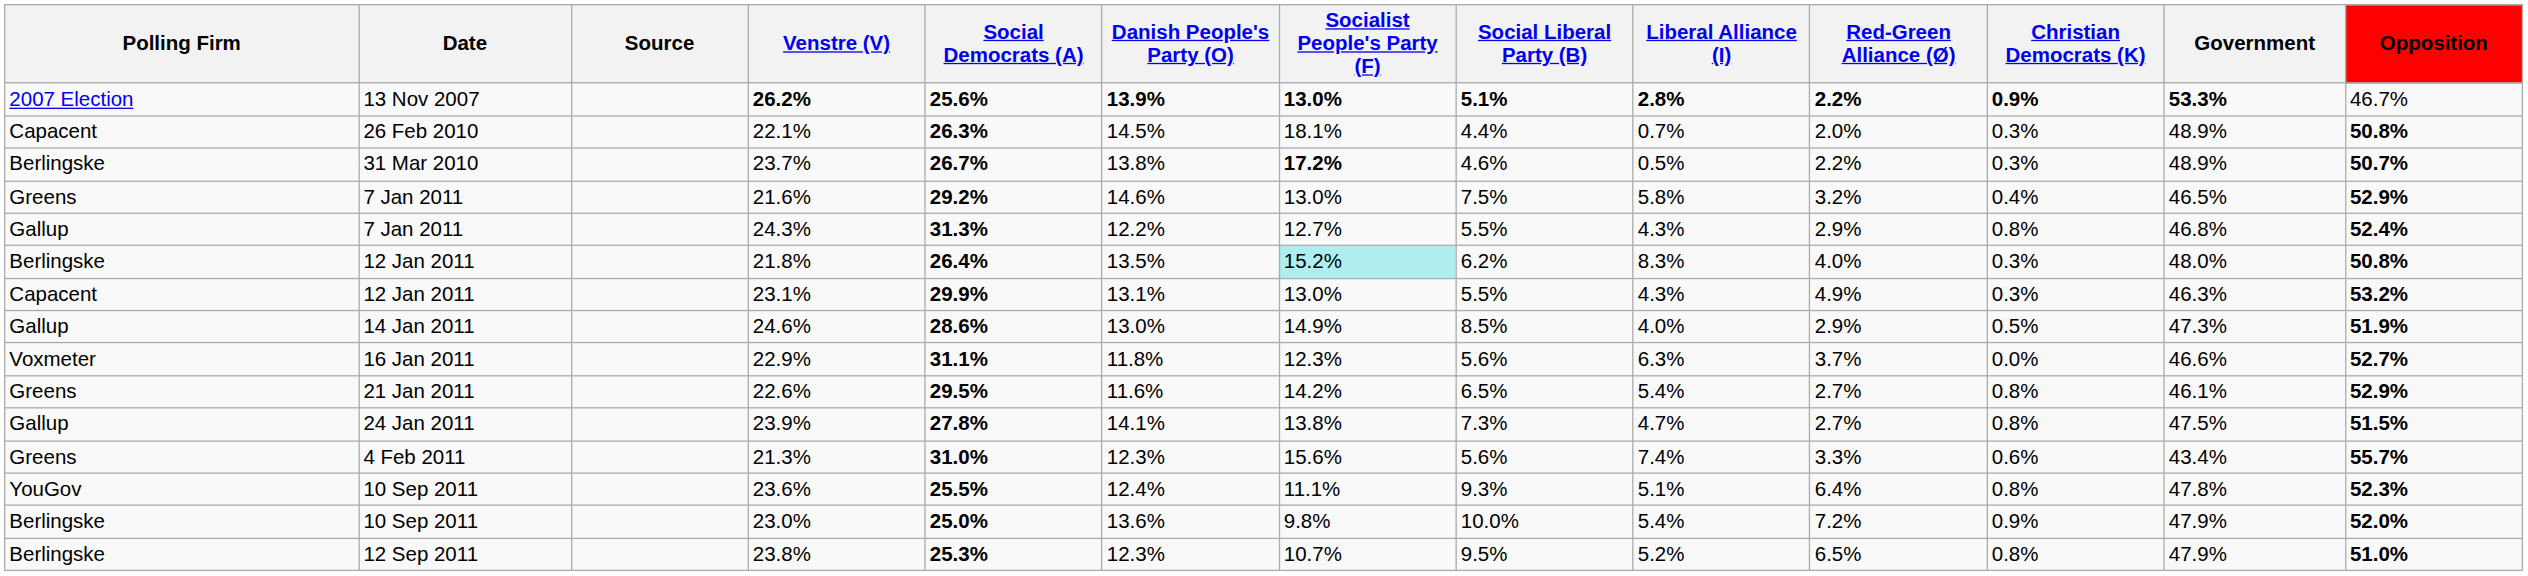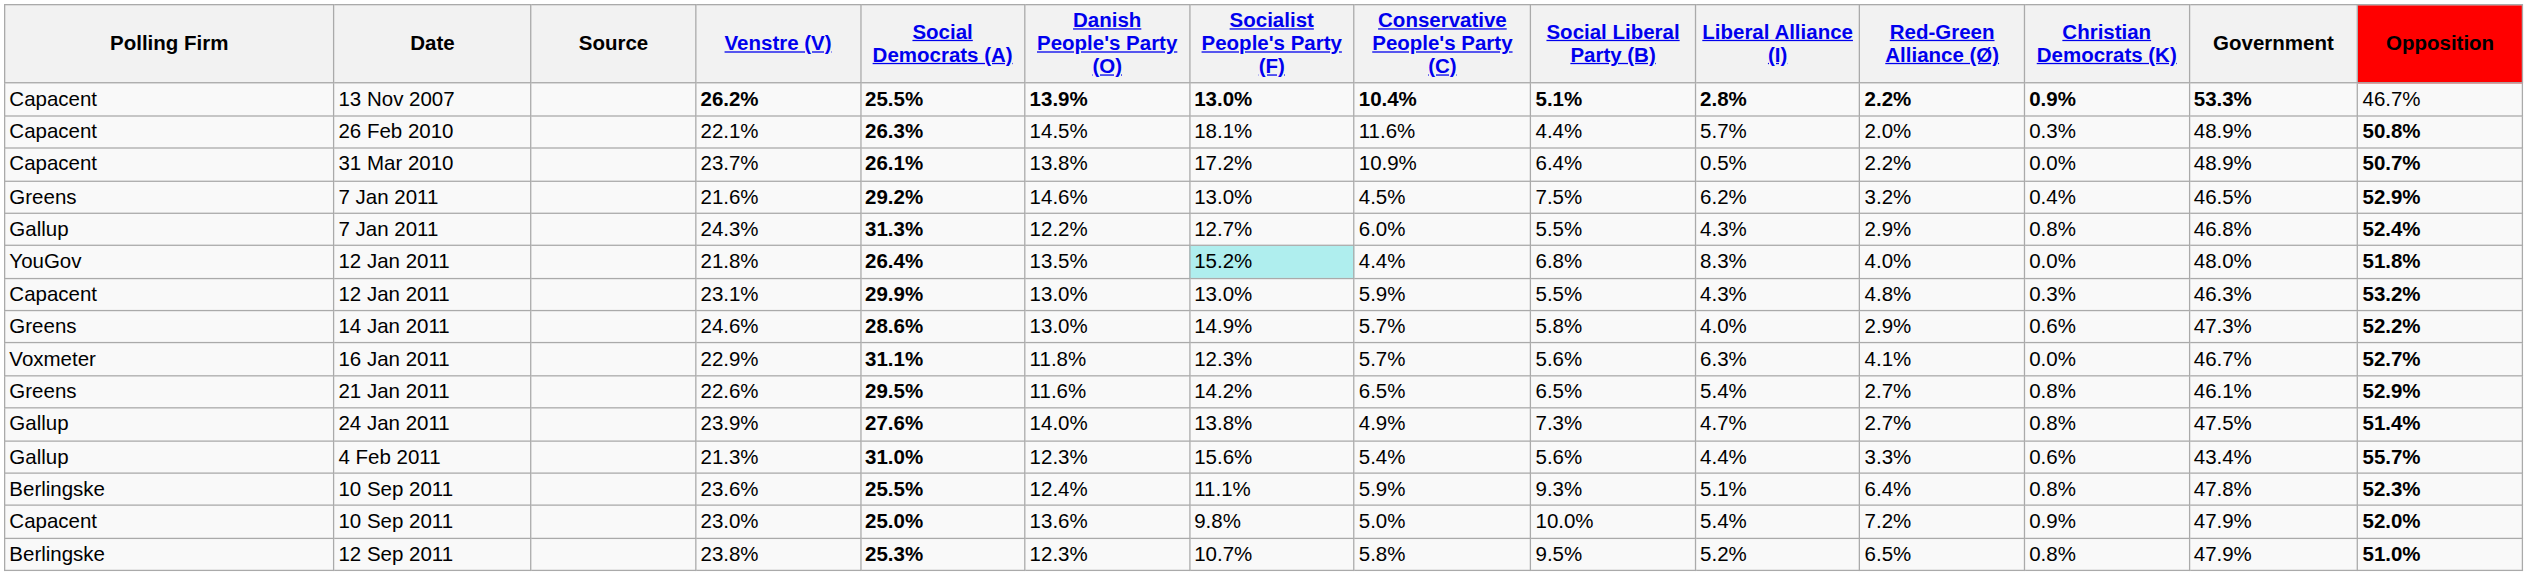 <table class="wikitable">
 <tr style="background:#e9e9e9;">
 <th width=10%>Polling Firm</th>
 <th width=6%>Date</th>
 <th width=5%>Source</th>
 <th style="width:5%; background:"><strong><a href='#'><span>Venstre (V)</span></a></strong></th>
 <th style="width:5%; background:"><strong><a href='#'><span>Social Democrats (A)</span></a></strong></th>
 <th style="width:5%; background:"><strong><a href='#'><span>Danish People's Party (O)</span></a></strong></th>
 <th style="width:5%; background:"><strong><a href='#'><span>Socialist People's Party (F)</span></a></strong></th>
+<th style="width:5%; background:"><strong><a href='#'><span>Conservative People's Party (C)</span></a></strong></th>
 <th style="width:5%; background:"><strong><a href='#'><span>Social Liberal Party (B)</span></a></strong></th>
 <th style="width:5%; background:"><strong><a href='#'><span>Liberal Alliance (I)</span></a></strong></th>
 <th style="width:5%; background:"><strong><a href='#'><span>Red-Green Alliance (Ø)</span></a></strong></th>
 <th style="width:5%; background:"><strong><a href='#'><span>Christian Democrats (K)</span></a></strong></th>
 <th style="width:5%; background:"><strong><span>Government</span></strong></th>
 <th style="width:5%; background:red;"><strong><span>Opposition</span></strong></th>
 </tr>
 <tr>
-<td><a href='#'>2007 Election</a></td>
+<td>Capacent</td>
 <td nowrap>13 Nov 2007</td>
 <td></td>
 <td><strong>26.2%</strong></td>
-<td><strong>25.6%</strong></td>
+<td><strong>25.5%</strong></td>
 <td><strong>13.9%</strong></td>
 <td><strong>13.0%</strong></td>
+<td><strong>10.4%</strong></td>
 <td><strong>5.1%</strong></td>
 <td><strong>2.8%</strong></td>
 <td><strong>2.2%</strong></td>
 <td><strong>0.9%</strong></td>
 <td><strong>53.3%</strong></td>
 <td>46.7%</td>
 </tr>
 <tr>
 <td>Capacent</td>
 <td>26 Feb 2010</td>
 <td></td>
 <td>22.1%</td>
 <td><strong>26.3%</strong></td>
 <td>14.5%</td>
 <td>18.1%</td>
+<td>11.6%</td>
 <td>4.4%</td>
-<td>0.7%</td>
+<td>5.7%</td>
 <td>2.0%</td>
 <td>0.3%</td>
 <td>48.9%</td>
 <td><strong>50.8%</strong></td>
 </tr>
 <tr>
-<td>Berlingske</td>
+<td>Capacent</td>
 <td>31 Mar 2010</td>
 <td></td>
 <td>23.7%</td>
-<td><strong>26.7%</strong></td>
+<td><strong>26.1%</strong></td>
 <td>13.8%</td>
-<td><strong>17.2%</strong></td>
-<td>4.6%</td>
+<td>17.2%</td>
+<td>10.9%</td>
+<td>6.4%</td>
 <td>0.5%</td>
 <td>2.2%</td>
-<td>0.3%</td>
+<td>0.0%</td>
 <td>48.9%</td>
 <td><strong>50.7%</strong></td>
 </tr>
 <tr>
 <td>Greens</td>
 <td>7 Jan 2011</td>
 <td></td>
 <td>21.6%</td>
 <td><strong>29.2%</strong></td>
 <td>14.6%</td>
 <td>13.0%</td>
+<td>4.5%</td>
 <td>7.5%</td>
-<td>5.8%</td>
+<td>6.2%</td>
 <td>3.2%</td>
 <td>0.4%</td>
 <td>46.5%</td>
 <td><strong>52.9%</strong></td>
 </tr>
 <tr>
 <td>Gallup</td>
 <td>7 Jan 2011</td>
 <td></td>
 <td>24.3%</td>
 <td><strong>31.3%</strong></td>
 <td>12.2%</td>
 <td>12.7%</td>
+<td>6.0%</td>
 <td>5.5%</td>
 <td>4.3%</td>
 <td>2.9%</td>
 <td>0.8%</td>
 <td>46.8%</td>
 <td><strong>52.4%</strong></td>
 </tr>
 <tr>
-<td>Berlingske</td>
+<td>YouGov</td>
 <td>12 Jan 2011</td>
 <td></td>
 <td>21.8%</td>
 <td><strong>26.4%</strong></td>
 <td>13.5%</td>
 <td style="background: paleturquoise;">15.2%</td>
-<td>6.2%</td>
+<td>4.4%</td>
+<td>6.8%</td>
 <td>8.3%</td>
 <td>4.0%</td>
-<td>0.3%</td>
+<td>0.0%</td>
 <td>48.0%</td>
-<td><strong>50.8%</strong></td>
+<td><strong>51.8%</strong></td>
 </tr>
 <tr>
 <td>Capacent</td>
 <td>12 Jan 2011</td>
 <td></td>
 <td>23.1%</td>
 <td><strong>29.9%</strong></td>
-<td>13.1%</td>
 <td>13.0%</td>
+<td>13.0%</td>
+<td>5.9%</td>
 <td>5.5%</td>
 <td>4.3%</td>
-<td>4.9%</td>
+<td>4.8%</td>
 <td>0.3%</td>
 <td>46.3%</td>
 <td><strong>53.2%</strong></td>
 </tr>
 <tr>
-<td>Gallup</td>
+<td>Greens</td>
 <td>14 Jan 2011</td>
 <td></td>
 <td>24.6%</td>
 <td><strong>28.6%</strong></td>
 <td>13.0%</td>
 <td>14.9%</td>
-<td>8.5%</td>
+<td>5.7%</td>
+<td>5.8%</td>
 <td>4.0%</td>
 <td>2.9%</td>
-<td>0.5%</td>
+<td>0.6%</td>
 <td>47.3%</td>
-<td><strong>51.9%</strong></td>
+<td><strong>52.2%</strong></td>
 </tr>
 <tr>
 <td>Voxmeter</td>
 <td>16 Jan 2011</td>
 <td></td>
 <td>22.9%</td>
 <td><strong>31.1%</strong></td>
 <td>11.8%</td>
 <td>12.3%</td>
+<td>5.7%</td>
 <td>5.6%</td>
 <td>6.3%</td>
-<td>3.7%</td>
+<td>4.1%</td>
 <td>0.0%</td>
-<td>46.6%</td>
+<td>46.7%</td>
 <td><strong>52.7%</strong></td>
 </tr>
 <tr>
 <td>Greens</td>
 <td>21 Jan 2011</td>
 <td></td>
 <td>22.6%</td>
 <td><strong>29.5%</strong></td>
 <td>11.6%</td>
 <td>14.2%</td>
+<td>6.5%</td>
 <td>6.5%</td>
 <td>5.4%</td>
 <td>2.7%</td>
 <td>0.8%</td>
 <td>46.1%</td>
 <td><strong>52.9%</strong></td>
 </tr>
 <tr>
 <td>Gallup</td>
 <td>24 Jan 2011</td>
 <td></td>
 <td>23.9%</td>
-<td><strong>27.8%</strong></td>
-<td>14.1%</td>
+<td><strong>27.6%</strong></td>
+<td>14.0%</td>
 <td>13.8%</td>
+<td>4.9%</td>
 <td>7.3%</td>
 <td>4.7%</td>
 <td>2.7%</td>
 <td>0.8%</td>
 <td>47.5%</td>
-<td><strong>51.5%</strong></td>
+<td><strong>51.4%</strong></td>
 </tr>
 <tr>
-<td>Greens</td>
+<td>Gallup</td>
 <td>4 Feb 2011</td>
 <td></td>
 <td>21.3%</td>
 <td><strong>31.0%</strong></td>
 <td>12.3%</td>
 <td>15.6%</td>
+<td>5.4%</td>
 <td>5.6%</td>
-<td>7.4%</td>
+<td>4.4%</td>
 <td>3.3%</td>
 <td>0.6%</td>
 <td>43.4%</td>
 <td><strong>55.7%</strong></td>
 </tr>
 <tr>
-<td>YouGov</td>
+<td>Berlingske</td>
 <td>10 Sep 2011</td>
 <td></td>
 <td>23.6%</td>
 <td><strong>25.5%</strong></td>
 <td>12.4%</td>
 <td>11.1%</td>
+<td>5.9%</td>
 <td>9.3%</td>
 <td>5.1%</td>
 <td>6.4%</td>
 <td>0.8%</td>
 <td>47.8%</td>
 <td><strong>52.3%</strong></td>
 </tr>
 <tr>
-<td>Berlingske</td>
+<td>Capacent</td>
 <td>10 Sep 2011</td>
 <td></td>
 <td>23.0%</td>
 <td><strong>25.0%</strong></td>
 <td>13.6%</td>
 <td>9.8%</td>
+<td>5.0%</td>
 <td>10.0%</td>
 <td>5.4%</td>
 <td>7.2%</td>
 <td>0.9%</td>
 <td>47.9%</td>
 <td><strong>52.0%</strong></td>
 </tr>
 <tr>
 <td>Berlingske</td>
 <td>12 Sep 2011</td>
 <td></td>
 <td>23.8%</td>
 <td><strong>25.3%</strong></td>
 <td>12.3%</td>
 <td>10.7%</td>
+<td>5.8%</td>
 <td>9.5%</td>
 <td>5.2%</td>
 <td>6.5%</td>
 <td>0.8%</td>
 <td>47.9%</td>
 <td><strong>51.0%</strong></td>
 </tr>
 </table>
